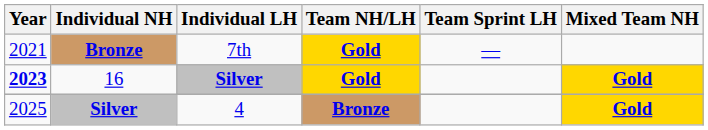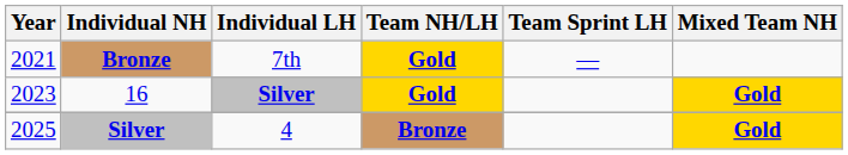 <table class="wikitable" "text-align:center;">
 <tr>
 <th>Year</th>
 <th>Individual NH</th>
 <th>Individual LH</th>
 <th>Team NH/LH</th>
 <th>Team Sprint LH</th>
 <th>Mixed Team NH</th>
 </tr>
 <tr align=center>
 <td><a href='#'>2021</a></td>
 <td style="background:#c96;"><a href='#'><strong>Bronze</strong></a></td>
 <td><a href='#'>7th</a></td>
 <td style="background:gold;"><a href='#'><strong>Gold</strong></a></td>
 <td><a href='#'>—</a></td>
 <td></td>
 </tr>
 <tr align=center>
-<td><strong><a href='#'>2023</a></strong></td>
+<td><a href='#'>2023</a></td>
 <td><a href='#'>16</a></td>
 <td style="background:silver;"><a href='#'><strong>Silver</strong></a></td>
 <td style="background:gold;"><a href='#'><strong>Gold</strong></a></td>
 <td></td>
 <td style="background:gold;"><a href='#'><strong>Gold</strong></a></td>
 </tr>
 <tr>
 </tr>
 <tr align=center>
 <td><a href='#'>2025</a></td>
 <td style="background:silver;"><a href='#'><strong>Silver</strong></a></td>
 <td><a href='#'>4</a></td>
 <td style="background:#c96;"><a href='#'><strong>Bronze</strong></a></td>
 <td></td>
 <td style="background:gold;"><a href='#'><strong>Gold</strong></a></td>
 </tr>
 </table>
